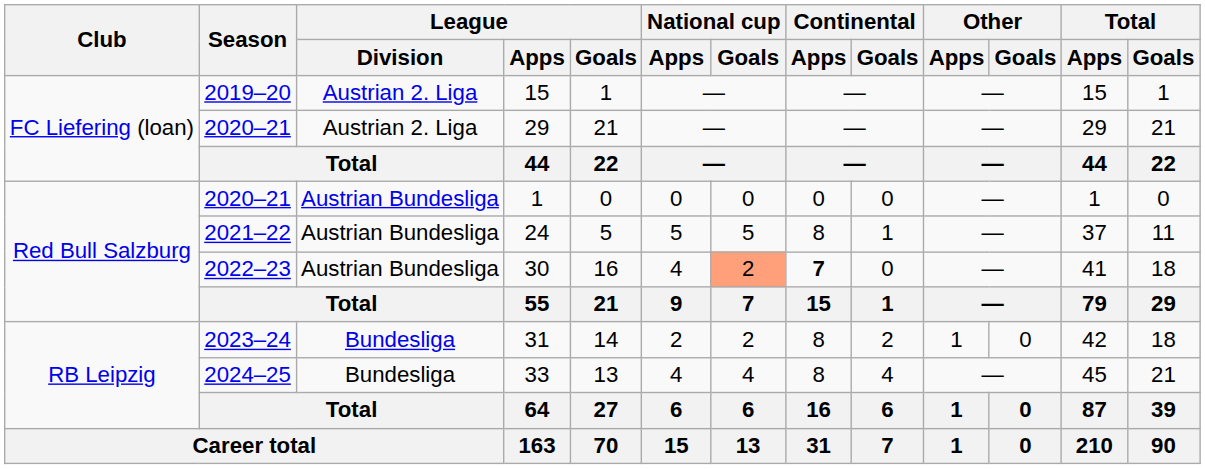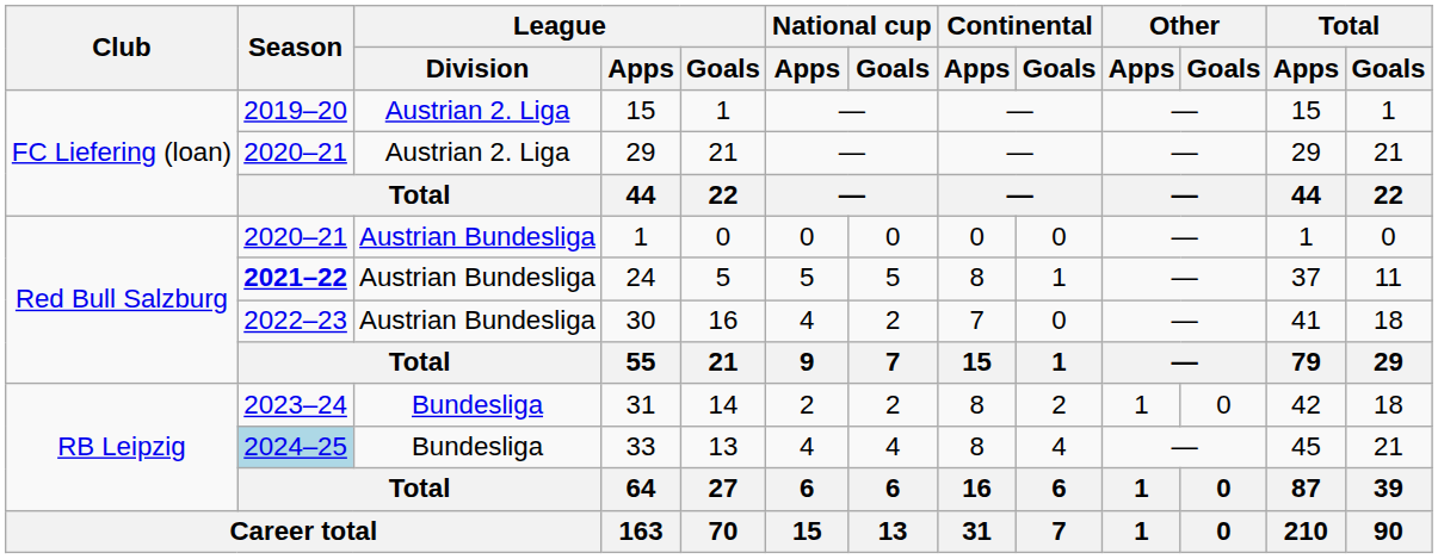 <table class="wikitable" style="text-align: center">
 <tr>
 <th rowspan="2">Club</th>
 <th rowspan="2">Season</th>
 <th colspan="3">League</th>
 <th colspan="2">National cup</th>
 <th colspan="2">Continental</th>
 <th colspan="2">Other</th>
 <th colspan="2">Total</th>
 </tr>
 <tr>
 <th>Division</th>
 <th>Apps</th>
 <th>Goals</th>
 <th>Apps</th>
 <th>Goals</th>
 <th>Apps</th>
 <th>Goals</th>
 <th>Apps</th>
 <th>Goals</th>
 <th>Apps</th>
 <th>Goals</th>
 </tr>
 <tr>
 <td rowspan="3"><a href='#'>FC Liefering</a> (loan)</td>
 <td><a href='#'>2019–20</a></td>
 <td><a href='#'>Austrian 2. Liga</a></td>
 <td>15</td>
 <td>1</td>
 <td colspan="2">—</td>
 <td colspan="2">—</td>
 <td colspan="2">—</td>
 <td>15</td>
 <td>1</td>
 </tr>
 <tr>
 <td><a href='#'>2020–21</a></td>
 <td>Austrian 2. Liga</td>
 <td>29</td>
 <td>21</td>
 <td colspan="2">—</td>
 <td colspan="2">—</td>
 <td colspan="2">—</td>
 <td>29</td>
 <td>21</td>
 </tr>
 <tr>
 <th colspan="2">Total</th>
 <th>44</th>
 <th>22</th>
 <th colspan="2">—</th>
 <th colspan="2">—</th>
 <th colspan="2">—</th>
 <th>44</th>
 <th>22</th>
 </tr>
 <tr>
 <td rowspan="4"><a href='#'>Red Bull Salzburg</a></td>
 <td><a href='#'>2020–21</a></td>
 <td><a href='#'>Austrian Bundesliga</a></td>
 <td>1</td>
 <td>0</td>
 <td>0</td>
 <td>0</td>
 <td>0</td>
 <td>0</td>
 <td colspan="2">—</td>
 <td>1</td>
 <td>0</td>
 </tr>
 <tr>
-<td><a href='#'>2021–22</a></td>
+<td><strong><a href='#'>2021–22</a></strong></td>
 <td>Austrian Bundesliga</td>
 <td>24</td>
 <td>5</td>
 <td>5</td>
 <td>5</td>
 <td>8</td>
 <td>1</td>
 <td colspan="2">—</td>
 <td>37</td>
 <td>11</td>
 </tr>
 <tr>
 <td><a href='#'>2022–23</a></td>
 <td>Austrian Bundesliga</td>
 <td>30</td>
 <td>16</td>
 <td>4</td>
-<td style="background: lightsalmon;">2</td>
-<td><strong>7</strong></td>
+<td>2</td>
+<td>7</td>
 <td>0</td>
 <td colspan="2">—</td>
 <td>41</td>
 <td>18</td>
 </tr>
 <tr>
 <th colspan="2">Total</th>
 <th>55</th>
 <th>21</th>
 <th>9</th>
 <th>7</th>
 <th>15</th>
 <th>1</th>
 <th colspan="2">—</th>
 <th>79</th>
 <th>29</th>
 </tr>
 <tr>
 <td rowspan="3"><a href='#'>RB Leipzig</a></td>
 <td><a href='#'>2023–24</a></td>
 <td><a href='#'>Bundesliga</a></td>
 <td>31</td>
 <td>14</td>
 <td>2</td>
 <td>2</td>
 <td>8</td>
 <td>2</td>
 <td>1</td>
 <td>0</td>
 <td>42</td>
 <td>18</td>
 </tr>
 <tr>
-<td><a href='#'>2024–25</a></td>
+<td style="background: lightblue;"><a href='#'>2024–25</a></td>
 <td>Bundesliga</td>
 <td>33</td>
 <td>13</td>
 <td>4</td>
 <td>4</td>
 <td>8</td>
 <td>4</td>
 <td colspan="2">—</td>
 <td>45</td>
 <td>21</td>
 </tr>
 <tr>
 <th colspan="2">Total</th>
 <th>64</th>
 <th>27</th>
 <th>6</th>
 <th>6</th>
 <th>16</th>
 <th>6</th>
 <th>1</th>
 <th>0</th>
 <th>87</th>
 <th>39</th>
 </tr>
 <tr>
 <th colspan="3">Career total</th>
 <th>163</th>
 <th>70</th>
 <th>15</th>
 <th>13</th>
 <th>31</th>
 <th>7</th>
 <th>1</th>
 <th>0</th>
 <th>210</th>
 <th>90</th>
 </tr>
 </table>
